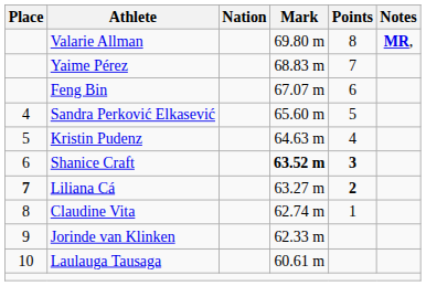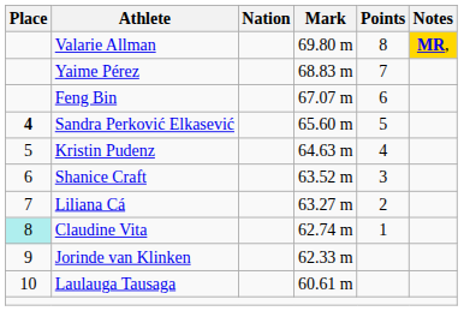 <table class="wikitable mw-datatable sortable" style="text-align:center;">
 <tr>
 <th scope="col">Place</th>
 <th scope="col">Athlete</th>
 <th scope="col">Nation</th>
 <th scope="col">Mark</th>
 <th scope="col">Points</th>
 <th scope="col">Notes</th>
 </tr>
 <tr>
 <td></td>
 <td align="left"><a href='#'>Valarie Allman</a></td>
 <td align="left"></td>
 <td>69.80 m</td>
 <td>8</td>
-<td><strong><a href='#'>MR</a></strong>, </td>
+<td style="background: gold;"><strong><a href='#'>MR</a></strong>, </td>
 </tr>
 <tr>
 <td></td>
 <td align="left"><a href='#'>Yaime Pérez</a></td>
 <td align="left"></td>
 <td>68.83 m</td>
 <td>7</td>
 <td></td>
 </tr>
 <tr>
 <td></td>
 <td align="left"><a href='#'>Feng Bin</a></td>
 <td align="left"></td>
 <td>67.07 m</td>
 <td>6</td>
 <td></td>
 </tr>
 <tr>
-<td>4</td>
+<td><strong>4</strong></td>
 <td align="left"><a href='#'>Sandra Perković Elkasević</a></td>
 <td align="left"></td>
 <td>65.60 m</td>
 <td>5</td>
 <td></td>
 </tr>
 <tr>
 <td>5</td>
 <td align="left"><a href='#'>Kristin Pudenz</a></td>
 <td align="left"></td>
 <td>64.63 m</td>
 <td>4</td>
 <td></td>
 </tr>
 <tr>
 <td>6</td>
 <td align="left"><a href='#'>Shanice Craft</a></td>
 <td align="left"></td>
-<td><strong>63.52 m</strong></td>
-<td><strong>3</strong></td>
+<td>63.52 m</td>
+<td>3</td>
 <td></td>
 </tr>
 <tr>
-<td><strong>7</strong></td>
+<td>7</td>
 <td align="left"><a href='#'>Liliana Cá</a></td>
 <td align="left"></td>
 <td>63.27 m</td>
-<td><strong>2</strong></td>
+<td>2</td>
 <td></td>
 </tr>
 <tr>
-<td>8</td>
+<td style="background: paleturquoise;">8</td>
 <td align="left"><a href='#'>Claudine Vita</a></td>
 <td align="left"></td>
 <td>62.74 m</td>
 <td>1</td>
 <td></td>
 </tr>
 <tr>
 <td>9</td>
 <td align="left"><a href='#'>Jorinde van Klinken</a></td>
 <td align="left"></td>
 <td>62.33 m</td>
 <td></td>
 <td></td>
 </tr>
 <tr>
 <td>10</td>
 <td align="left"><a href='#'>Laulauga Tausaga</a></td>
 <td align="left"></td>
 <td>60.61 m</td>
 <td></td>
 <td></td>
 </tr>
 <tr class="sortbottom">
 <td colspan="6"></td>
 </tr>
 </table>
